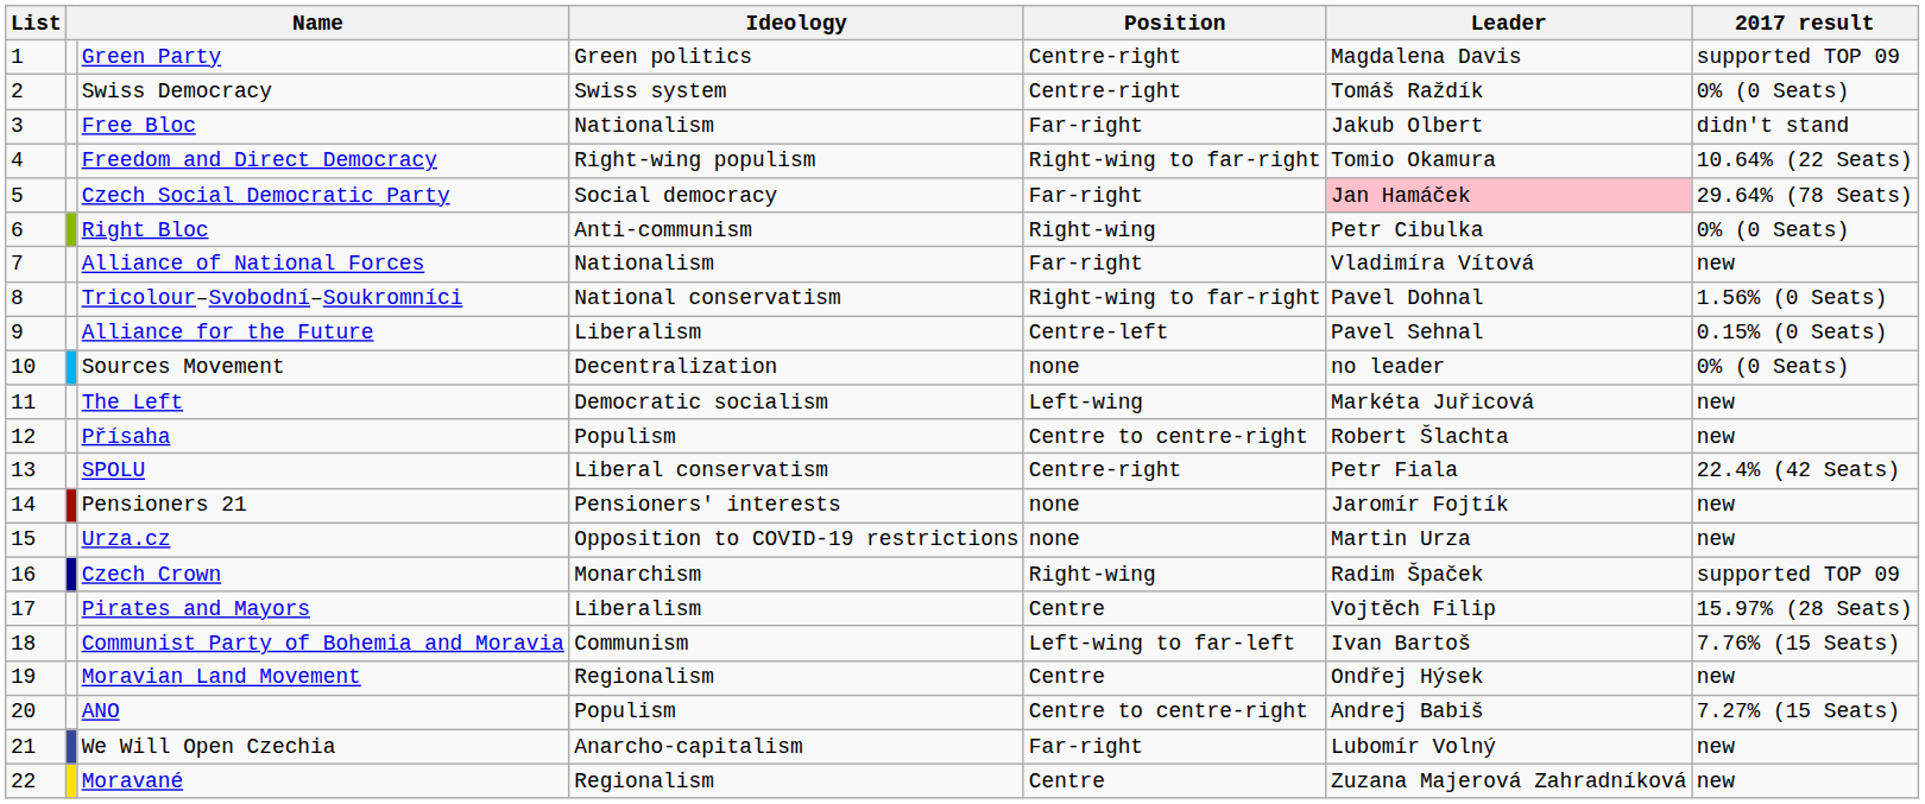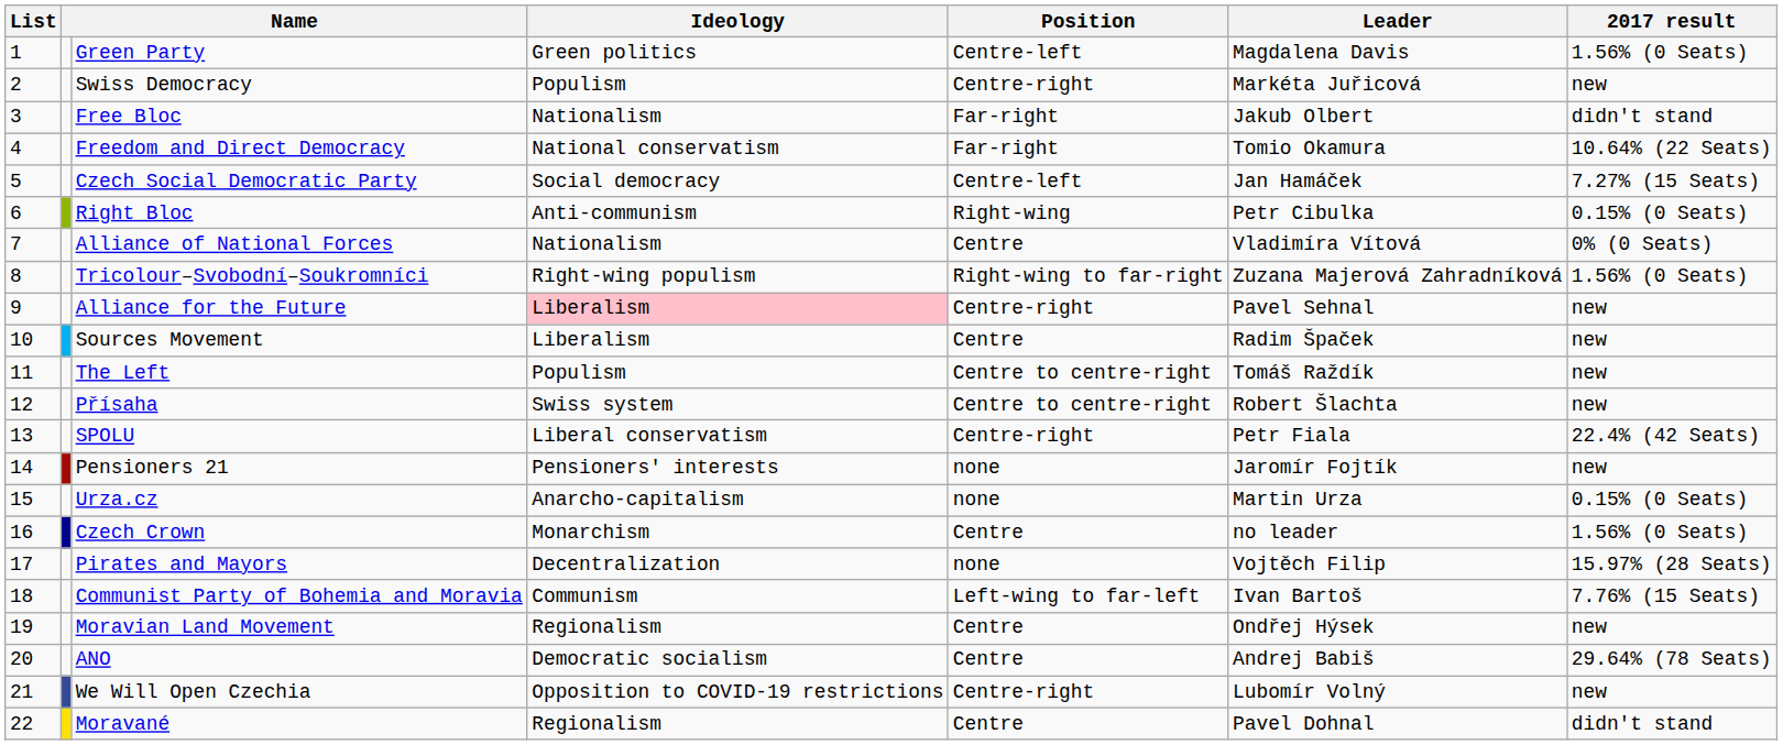 <table class="wikitable">
 <tr>
 <th>List</th>
 <th colspan=2>Name</th>
 <th>Ideology</th>
 <th>Position</th>
 <th>Leader</th>
 <th>2017 result</th>
 </tr>
 <tr>
 <td>1</td>
 <td></td>
 <td align=left><a href='#'>Green Party</a></td>
 <td>Green politics</td>
-<td>Centre-right</td>
+<td>Centre-left</td>
 <td>Magdalena Davis</td>
-<td>supported TOP 09</td>
+<td>1.56% (0 Seats)</td>
 </tr>
 <tr>
 <td>2</td>
 <td></td>
 <td align=left>Swiss Democracy</td>
-<td>Swiss system</td>
+<td>Populism</td>
 <td>Centre-right</td>
-<td>Tomáš Raždík</td>
-<td>0% (0 Seats)</td>
+<td>Markéta Juřicová</td>
+<td>new</td>
 </tr>
 <tr>
 <td>3</td>
 <td></td>
 <td align=left><a href='#'>Free Bloc</a></td>
 <td>Nationalism</td>
 <td>Far-right</td>
 <td>Jakub Olbert</td>
 <td>didn't stand</td>
 </tr>
 <tr>
 <td>4</td>
 <td></td>
 <td align=left><a href='#'>Freedom and Direct Democracy</a></td>
-<td>Right-wing populism</td>
-<td>Right-wing to far-right</td>
+<td>National conservatism</td>
+<td>Far-right</td>
 <td>Tomio Okamura</td>
 <td>10.64% (22 Seats)</td>
 </tr>
 <tr>
 <td>5</td>
 <td></td>
 <td align=left><a href='#'>Czech Social Democratic Party</a></td>
 <td>Social democracy</td>
-<td>Far-right</td>
-<td style="background: pink;">Jan Hamáček</td>
-<td>29.64% (78 Seats)</td>
+<td>Centre-left</td>
+<td>Jan Hamáček</td>
+<td>7.27% (15 Seats)</td>
 </tr>
 <tr>
 <td>6</td>
 <td bgcolor="#8DB600"></td>
 <td align=left><a href='#'>Right Bloc</a></td>
 <td>Anti-communism</td>
 <td>Right-wing</td>
 <td>Petr Cibulka</td>
-<td>0% (0 Seats)</td>
+<td>0.15% (0 Seats)</td>
 </tr>
 <tr>
 <td>7</td>
 <td></td>
 <td align=left><a href='#'>Alliance of National Forces</a></td>
 <td>Nationalism</td>
-<td>Far-right</td>
+<td>Centre</td>
 <td>Vladimíra Vítová</td>
-<td>new</td>
+<td>0% (0 Seats)</td>
 </tr>
 <tr>
 <td>8</td>
 <td></td>
 <td align=left><a href='#'>Tricolour</a>–<a href='#'>Svobodní</a>–<a href='#'>Soukromníci</a></td>
-<td>National conservatism</td>
+<td>Right-wing populism</td>
 <td>Right-wing to far-right</td>
-<td>Pavel Dohnal</td>
+<td>Zuzana Majerová Zahradníková</td>
 <td>1.56% (0 Seats)</td>
 </tr>
 <tr>
 <td>9</td>
 <td bgcolor=></td>
 <td align=left><a href='#'>Alliance for the Future</a></td>
-<td>Liberalism</td>
-<td>Centre-left</td>
+<td style="background: pink;">Liberalism</td>
+<td>Centre-right</td>
 <td>Pavel Sehnal</td>
-<td>0.15% (0 Seats)</td>
+<td>new</td>
 </tr>
 <tr>
 <td>10</td>
 <td bgcolor="#04b0ee"></td>
 <td align=left>Sources Movement</td>
-<td>Decentralization</td>
-<td>none</td>
-<td>no leader</td>
-<td>0% (0 Seats)</td>
+<td>Liberalism</td>
+<td>Centre</td>
+<td>Radim Špaček</td>
+<td>new</td>
 </tr>
 <tr>
 <td>11</td>
 <td></td>
 <td align=left><a href='#'>The Left</a></td>
-<td>Democratic socialism</td>
-<td>Left-wing</td>
-<td>Markéta Juřicová</td>
+<td>Populism</td>
+<td>Centre to centre-right</td>
+<td>Tomáš Raždík</td>
 <td>new</td>
 </tr>
 <tr>
 <td>12</td>
 <td></td>
 <td align=left><a href='#'>Přísaha</a></td>
-<td>Populism</td>
+<td>Swiss system</td>
 <td>Centre to centre-right</td>
 <td>Robert Šlachta</td>
 <td>new</td>
 </tr>
 <tr>
 <td>13</td>
 <td></td>
 <td align=left><a href='#'>SPOLU</a></td>
 <td>Liberal conservatism</td>
 <td>Centre-right</td>
 <td>Petr Fiala</td>
 <td>22.4% (42 Seats)</td>
 </tr>
 <tr>
 <td>14</td>
 <td bgcolor="#a10a03"></td>
 <td align=left>Pensioners 21</td>
 <td>Pensioners' interests</td>
 <td>none</td>
 <td>Jaromír Fojtík</td>
 <td>new</td>
 </tr>
 <tr>
 <td>15</td>
 <td></td>
 <td align=left><a href='#'>Urza.cz</a></td>
-<td>Opposition to COVID-19 restrictions</td>
+<td>Anarcho-capitalism</td>
 <td>none</td>
 <td>Martin Urza</td>
-<td>new</td>
+<td>0.15% (0 Seats)</td>
 </tr>
 <tr>
 <td>16</td>
 <td bgcolor="#00008B"></td>
 <td align=left><a href='#'>Czech Crown</a></td>
 <td>Monarchism</td>
-<td>Right-wing</td>
-<td>Radim Špaček</td>
-<td>supported TOP 09</td>
+<td>Centre</td>
+<td>no leader</td>
+<td>1.56% (0 Seats)</td>
 </tr>
 <tr>
 <td>17</td>
 <td></td>
 <td align=left><a href='#'>Pirates and Mayors</a></td>
-<td>Liberalism</td>
-<td>Centre</td>
+<td>Decentralization</td>
+<td>none</td>
 <td>Vojtěch Filip</td>
 <td>15.97% (28 Seats)</td>
 </tr>
 <tr>
 <td>18</td>
 <td></td>
 <td align=left><a href='#'>Communist Party of Bohemia and Moravia</a></td>
 <td>Communism</td>
 <td>Left-wing to far-left</td>
 <td>Ivan Bartoš</td>
 <td>7.76% (15 Seats)</td>
 </tr>
 <tr>
 <td>19</td>
 <td></td>
 <td align=left><a href='#'>Moravian Land Movement</a></td>
 <td>Regionalism</td>
 <td>Centre</td>
 <td>Ondřej Hýsek</td>
 <td>new</td>
 </tr>
 <tr>
 <td>20</td>
 <td></td>
 <td align=left><a href='#'>ANO</a></td>
-<td>Populism</td>
-<td>Centre to centre-right</td>
+<td>Democratic socialism</td>
+<td>Centre</td>
 <td>Andrej Babiš</td>
-<td>7.27% (15 Seats)</td>
+<td>29.64% (78 Seats)</td>
 </tr>
 <tr>
 <td>21</td>
 <td bgcolor="#334897"></td>
 <td align=left>We Will Open Czechia</td>
-<td>Anarcho-capitalism</td>
-<td>Far-right</td>
+<td>Opposition to COVID-19 restrictions</td>
+<td>Centre-right</td>
 <td>Lubomír Volný</td>
 <td>new</td>
 </tr>
 <tr>
 <td>22</td>
 <td bgcolor="#FFE101"></td>
 <td align="left"><a href='#'>Moravané</a></td>
 <td>Regionalism</td>
 <td>Centre</td>
-<td>Zuzana Majerová Zahradníková</td>
-<td>new</td>
+<td>Pavel Dohnal</td>
+<td>didn't stand</td>
 </tr>
 </table>
